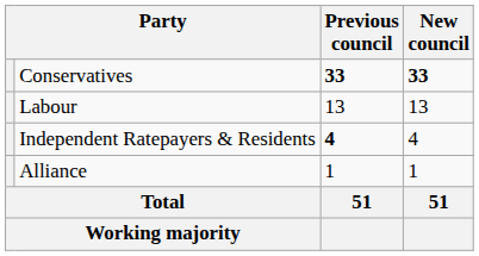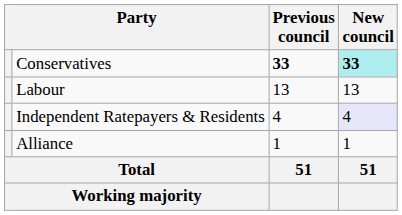 <table class="wikitable">
 <tr>
 <th valign=top colspan="2" style="width: 230px">Party</th>
 <th valign=top style="width: 30px">Previous council</th>
 <th valign=top style="width: 30px">New council</th>
 </tr>
 <tr>
 <th style="background-color: "></th>
 <td>Conservatives</td>
 <td><strong>33</strong></td>
-<td><strong>33</strong></td>
+<td style="background: paleturquoise;"><strong>33</strong></td>
 </tr>
 <tr>
 <th style="background-color: "></th>
 <td>Labour</td>
 <td>13</td>
 <td>13</td>
 </tr>
 <tr>
 <th style="background-color: "></th>
 <td>Independent Ratepayers & Residents</td>
-<td><strong>4</strong></td>
 <td>4</td>
+<td style="background: lavender;">4</td>
 </tr>
 <tr>
 <th style="background-color: "></th>
 <td>Alliance</td>
 <td>1</td>
 <td>1</td>
 </tr>
 <tr>
 <th colspan=2>Total</th>
 <th style="text-align: center">51</th>
 <th colspan=3>51</th>
 </tr>
 <tr>
 <th colspan=2>Working majority</th>
 <th></th>
 <th></th>
 </tr>
 </table>
